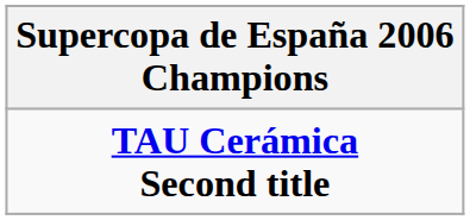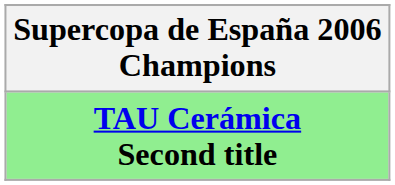 <table class=wikitable style="text-align:center; margin:auto">
 <tr>
 <th>Supercopa de España 2006 <br> Champions</th>
 </tr>
 <tr>
-<td><strong><a href='#'>TAU Cerámica</a></strong> <br> <strong>Second title</strong></td>
+<td style="background: lightgreen;"><strong><a href='#'>TAU Cerámica</a></strong> <br> <strong>Second title</strong></td>
 </tr>
 </table>
